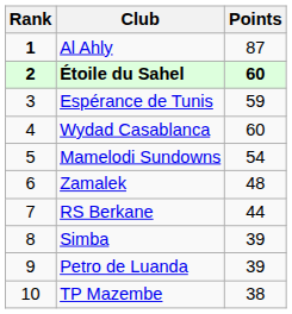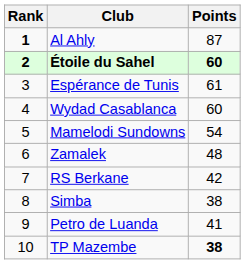 <table class="wikitable" style="text-align: center; display:inline-table;">
 <tr>
 <th>Rank</th>
 <th>Club</th>
 <th>Points</th>
 </tr>
 <tr>
 <td><strong>1</strong></td>
 <td align=left> <a href='#'>Al Ahly</a></td>
 <td>87</td>
 </tr>
 <tr style="background:#dfd;">
 <td><strong>2</strong></td>
 <td align=left> <strong>Étoile du Sahel</strong></td>
 <td><strong>60</strong></td>
 </tr>
 <tr>
 <td>3</td>
 <td align=left> <a href='#'>Espérance de Tunis</a></td>
-<td>59</td>
+<td>61</td>
 </tr>
 <tr>
 <td>4</td>
 <td align=left> <a href='#'>Wydad Casablanca</a></td>
 <td>60</td>
 </tr>
 <tr>
 <td>5</td>
 <td align=left> <a href='#'>Mamelodi Sundowns</a></td>
 <td>54</td>
 </tr>
 <tr>
 <td>6</td>
 <td align=left> <a href='#'>Zamalek</a></td>
 <td>48</td>
 </tr>
 <tr>
 <td>7</td>
 <td align=left> <a href='#'>RS Berkane</a></td>
-<td>44</td>
+<td>42</td>
 </tr>
 <tr>
 <td>8</td>
 <td align=left> <a href='#'>Simba</a></td>
-<td>39</td>
+<td>38</td>
 </tr>
 <tr>
 <td>9</td>
 <td align=left> <a href='#'>Petro de Luanda</a></td>
-<td>39</td>
+<td>41</td>
 </tr>
 <tr>
 <td>10</td>
 <td align=left> <a href='#'>TP Mazembe</a></td>
-<td>38</td>
+<td><strong>38</strong></td>
 </tr>
 </table>
